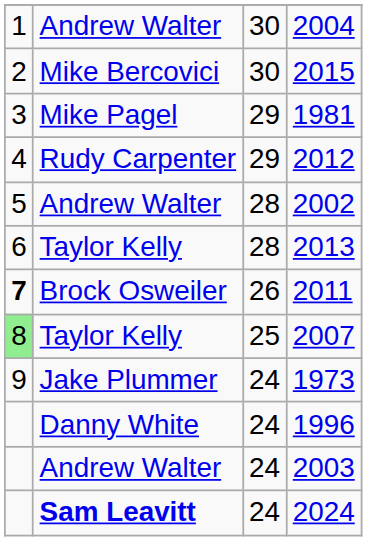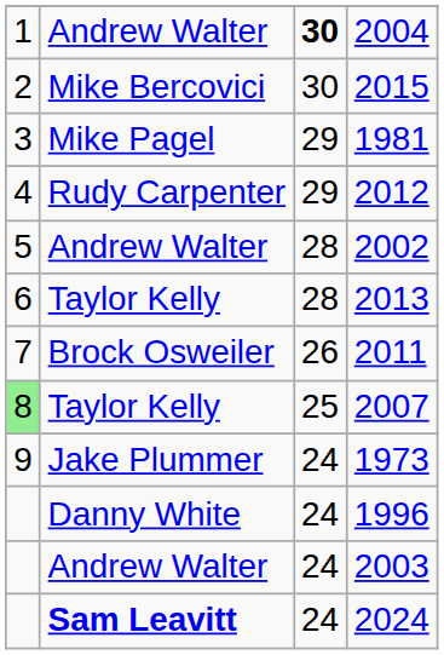 <table class="wikitable">
 <tr>
 </tr>
 <tr>
 <td>1</td>
 <td><a href='#'>Andrew Walter</a></td>
-<td>30</td>
+<td><strong>30</strong></td>
 <td><a href='#'>2004</a></td>
 </tr>
 <tr>
 <td>2</td>
 <td><a href='#'>Mike Bercovici</a></td>
 <td>30</td>
 <td><a href='#'>2015</a></td>
 </tr>
 <tr>
 <td>3</td>
 <td><a href='#'>Mike Pagel</a></td>
 <td>29</td>
 <td><a href='#'>1981</a></td>
 </tr>
 <tr>
 <td>4</td>
 <td><a href='#'>Rudy Carpenter</a></td>
 <td>29</td>
 <td><a href='#'>2012</a></td>
 </tr>
 <tr>
 <td>5</td>
 <td><a href='#'>Andrew Walter</a></td>
 <td>28</td>
 <td><a href='#'>2002</a></td>
 </tr>
 <tr>
 <td>6</td>
 <td><a href='#'>Taylor Kelly</a></td>
 <td>28</td>
 <td><a href='#'>2013</a></td>
 </tr>
 <tr>
-<td><strong>7</strong></td>
+<td>7</td>
 <td><a href='#'>Brock Osweiler</a></td>
 <td>26</td>
 <td><a href='#'>2011</a></td>
 </tr>
 <tr>
 <td style="background: lightgreen;">8</td>
 <td><a href='#'>Taylor Kelly</a></td>
 <td>25</td>
 <td><a href='#'>2007</a></td>
 </tr>
 <tr>
 <td>9</td>
 <td><a href='#'>Jake Plummer</a></td>
 <td>24</td>
 <td><a href='#'>1973</a></td>
 </tr>
 <tr>
 <td></td>
 <td><a href='#'>Danny White</a></td>
 <td>24</td>
 <td><a href='#'>1996</a></td>
 </tr>
 <tr>
 <td></td>
 <td><a href='#'>Andrew Walter</a></td>
 <td>24</td>
 <td><a href='#'>2003</a></td>
 </tr>
 <tr>
 <td></td>
 <td><strong><a href='#'>Sam Leavitt</a></strong></td>
 <td>24</td>
 <td><a href='#'>2024</a></td>
 </tr>
 </table>
